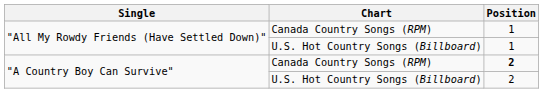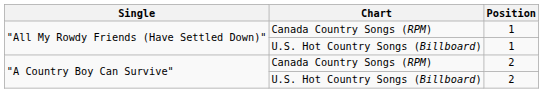 <table class="wikitable">
 <tr>
 <th>Single</th>
 <th>Chart</th>
 <th>Position</th>
 </tr>
 <tr>
 <td rowspan=2>"All My Rowdy Friends (Have Settled Down)"</td>
 <td>Canada Country Songs (<em>RPM</em>)</td>
 <td align="center">1</td>
 </tr>
 <tr>
 <td>U.S. Hot Country Songs (<em>Billboard</em>)</td>
 <td align="center">1</td>
 </tr>
 <tr>
 <td rowspan=2>"A Country Boy Can Survive"</td>
 <td>Canada Country Songs (<em>RPM</em>)</td>
-<td align="center"><strong>2</strong></td>
+<td align="center">2</td>
 </tr>
 <tr>
 <td>U.S. Hot Country Songs (<em>Billboard</em>)</td>
 <td align="center">2</td>
 </tr>
 </table>
